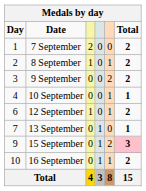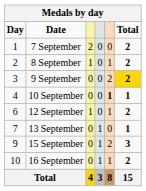 <table class="wikitable" style="font-size:90%; float:right">
 <tr align=center>
 <th colspan=7><strong>Medals by day</strong></th>
 </tr>
 <tr align=center>
 <td><strong>Day</strong></td>
 <td><strong>Date</strong></td>
 <td style="background:#f7f6a8;"></td>
 <td style="background:#dce5e5;"></td>
 <td style="background:#ffdab9;"></td>
 <td><strong>Total</strong></td>
 </tr>
 <tr align=center>
 <td>1</td>
 <td>7 September</td>
 <td style="background:#f7f6a8;">2</td>
 <td style="background:#dce5e5;">0</td>
 <td style="background:#ffdab9;">0</td>
 <td><strong>2</strong></td>
 </tr>
 <tr align=center>
 <td>2</td>
 <td>8 September</td>
 <td style="background:#f7f6a8;">1</td>
 <td style="background:#dce5e5;">0</td>
 <td style="background:#ffdab9;">1</td>
 <td><strong>2</strong></td>
 </tr>
 <tr align=center>
 <td>3</td>
 <td>9 September</td>
 <td style="background:#f7f6a8;">0</td>
 <td style="background:#dce5e5;">0</td>
 <td style="background:#ffdab9;">2</td>
-<td><strong>2</strong></td>
+<td style="background: gold;"><strong>2</strong></td>
 </tr>
 <tr align=center>
 <td>4</td>
 <td>10 September</td>
 <td style="background:#f7f6a8;">0</td>
 <td style="background:#dce5e5;">0</td>
-<td style="background:#ffdab9;">1</td>
+<td style="background:#ffdab9;"><strong>1</strong></td>
 <td><strong>1</strong></td>
 </tr>
 <tr align=center>
 <td>6</td>
 <td>12 September</td>
 <td style="background:#f7f6a8;">1</td>
 <td style="background:#dce5e5;">0</td>
 <td style="background:#ffdab9;">1</td>
 <td><strong>2</strong></td>
 </tr>
 <tr align=center>
 <td>7</td>
 <td>13 September</td>
 <td style="background:#f7f6a8;">0</td>
 <td style="background:#dce5e5;">1</td>
 <td style="background:#ffdab9;">0</td>
 <td><strong>1</strong></td>
 </tr>
 <tr align=center>
 <td>9</td>
 <td>15 September</td>
 <td style="background:#f7f6a8;">0</td>
 <td style="background:#dce5e5;">1</td>
 <td style="background:#ffdab9;">2</td>
-<td style="background: pink;"><strong>3</strong></td>
+<td><strong>3</strong></td>
 </tr>
 <tr align=center>
 <td>10</td>
 <td>16 September</td>
 <td style="background:#f7f6a8;">0</td>
 <td style="background:#dce5e5;">1</td>
 <td style="background:#ffdab9;">1</td>
 <td><strong>2</strong></td>
 </tr>
 <tr style="text-align:center">
 <th colspan=2>Total</th>
 <th style="background:gold">4</th>
 <th style="background:silver">3</th>
 <th style="background:#c96">8</th>
 <th>15</th>
 </tr>
 </table>
